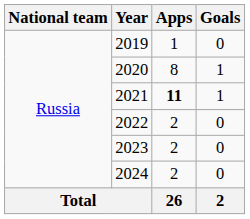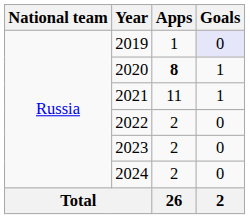 <table class="wikitable" style="text-align:center">
 <tr>
 <th>National team</th>
 <th>Year</th>
 <th>Apps</th>
 <th>Goals</th>
 </tr>
 <tr>
 <td rowspan="6"><a href='#'>Russia</a></td>
 <td>2019</td>
 <td>1</td>
-<td>0</td>
+<td style="background: lavender;">0</td>
 </tr>
 <tr>
 <td>2020</td>
-<td>8</td>
+<td><strong>8</strong></td>
 <td>1</td>
 </tr>
 <tr>
 <td>2021</td>
-<td><strong>11</strong></td>
+<td>11</td>
 <td>1</td>
 </tr>
 <tr>
 <td>2022</td>
 <td>2</td>
 <td>0</td>
 </tr>
 <tr>
 <td>2023</td>
 <td>2</td>
 <td>0</td>
 </tr>
 <tr>
 <td>2024</td>
 <td>2</td>
 <td>0</td>
 </tr>
 <tr>
 <th colspan="2">Total</th>
 <th>26</th>
 <th>2</th>
 </tr>
 </table>
